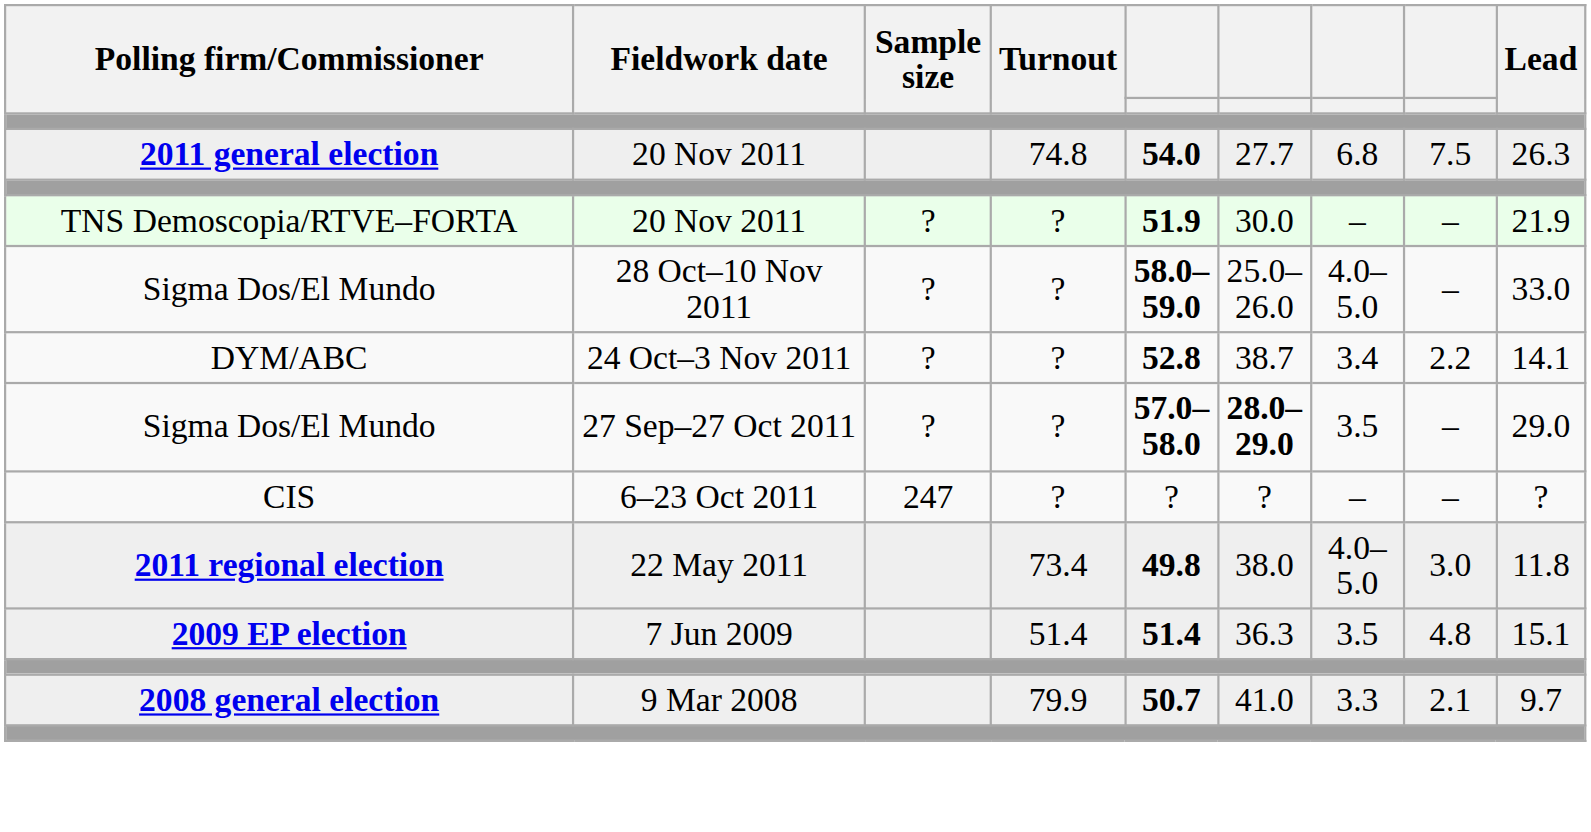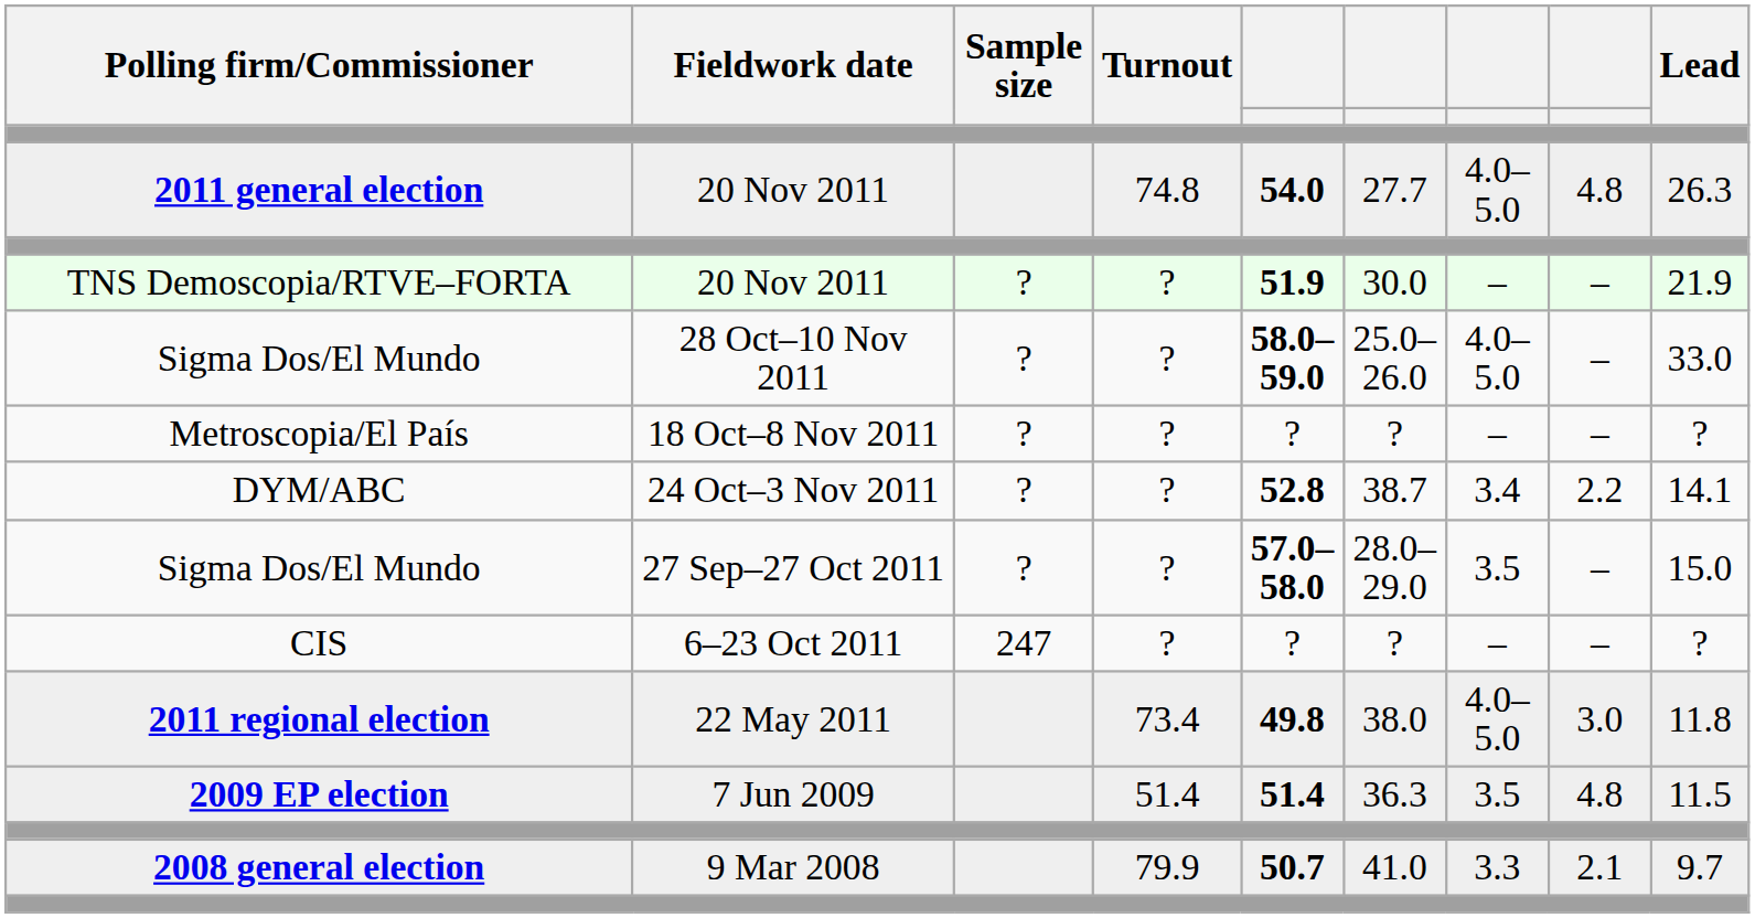 <table class="wikitable collapsible collapsed" style="text-align:center; font-size:95%; line-height:16px;">
 <tr style="height:42px;">
 <th style="width:250px;" rowspan="2">Polling firm/Commissioner</th>
 <th style="width:125px;" rowspan="2">Fieldwork date</th>
 <th style="width:50px;" rowspan="2">Sample size</th>
 <th style="width:45px;" rowspan="2">Turnout</th>
 <th style="width:35px;"></th>
 <th style="width:35px;"></th>
 <th style="width:35px;"></th>
 <th style="width:35px;"></th>
 <th style="width:30px;" rowspan="2">Lead</th>
 </tr>
 <tr>
 <th style="color:inherit;background:"></th>
 <th style="color:inherit;background:"></th>
 <th style="color:inherit;background:"></th>
 <th style="color:inherit;background:"></th>
 </tr>
 <tr>
 <td colspan="9" style="background:#A0A0A0"></td>
 </tr>
 <tr style="background:#EFEFEF;">
 <td><strong><a href='#'>2011 general election</a></strong></td>
 <td>20 Nov 2011</td>
 <td></td>
 <td>74.8</td>
 <td><strong>54.0</strong><br></td>
 <td>27.7<br></td>
-<td>6.8<br></td>
-<td>7.5<br></td>
+<td>4.0–<br>5.0<br></td>
+<td>4.8<br></td>
 <td style="background:">26.3</td>
 </tr>
 <tr>
 <td colspan="9" style="background:#A0A0A0"></td>
 </tr>
 <tr style="background:#EAFFEA;">
 <td>TNS Demoscopia/RTVE–FORTA</td>
 <td>20 Nov 2011</td>
 <td>?</td>
 <td>?</td>
 <td><strong>51.9</strong><br></td>
 <td>30.0<br></td>
 <td>–</td>
 <td>–</td>
 <td style="background:">21.9</td>
 </tr>
 <tr>
 <td>Sigma Dos/El Mundo</td>
 <td>28 Oct–10 Nov 2011</td>
 <td>?</td>
 <td>?</td>
 <td><strong>58.0–<br>59.0</strong><br></td>
 <td>25.0–<br>26.0<br></td>
 <td>4.0–<br>5.0<br></td>
 <td>–</td>
 <td style="background:">33.0</td>
 </tr>
 <tr>
+<td>Metroscopia/El País</td>
+<td>18 Oct–8 Nov 2011</td>
+<td>?</td>
+<td>?</td>
+<td>?<br></td>
+<td>?<br></td>
+<td>–</td>
+<td>–</td>
+<td style="background:">?</td>
+</tr>
+<tr>
 <td>DYM/ABC</td>
 <td>24 Oct–3 Nov 2011</td>
 <td>?</td>
 <td>?</td>
 <td><strong>52.8</strong><br></td>
 <td>38.7<br></td>
 <td>3.4<br></td>
 <td>2.2<br></td>
 <td style="background:">14.1</td>
 </tr>
 <tr>
 <td>Sigma Dos/El Mundo</td>
 <td>27 Sep–27 Oct 2011</td>
 <td>?</td>
 <td>?</td>
 <td><strong>57.0–<br>58.0</strong><br></td>
-<td><strong>28.0–<br>29.0<br></strong></td>
+<td>28.0–<br>29.0<br></td>
 <td>3.5<br></td>
 <td>–</td>
-<td style="background:">29.0</td>
+<td style="background:">15.0</td>
 </tr>
 <tr>
 <td>CIS</td>
 <td>6–23 Oct 2011</td>
 <td>247</td>
 <td>?</td>
 <td>?<br></td>
 <td>?<br></td>
 <td>–</td>
 <td>–</td>
 <td style="background:">?</td>
 </tr>
 <tr style="background:#EFEFEF;">
 <td><strong><a href='#'>2011 regional election</a></strong></td>
 <td>22 May 2011</td>
 <td></td>
 <td>73.4</td>
 <td><strong>49.8</strong><br></td>
 <td>38.0<br></td>
 <td>4.0–<br>5.0<br></td>
 <td>3.0<br></td>
 <td style="background:">11.8</td>
 </tr>
 <tr style="background:#EFEFEF;">
 <td><strong><a href='#'>2009 EP election</a></strong></td>
 <td>7 Jun 2009</td>
 <td></td>
 <td>51.4</td>
 <td><strong>51.4</strong><br></td>
 <td>36.3<br></td>
 <td>3.5<br></td>
 <td>4.8<br></td>
-<td style="background:">15.1</td>
+<td style="background:">11.5</td>
 </tr>
 <tr>
 <td colspan="9" style="background:#A0A0A0"></td>
 </tr>
 <tr style="background:#EFEFEF;">
 <td><strong><a href='#'>2008 general election</a></strong></td>
 <td>9 Mar 2008</td>
 <td></td>
 <td>79.9</td>
 <td><strong>50.7</strong><br></td>
 <td>41.0<br></td>
 <td>3.3<br></td>
 <td>2.1<br></td>
 <td style="background:">9.7</td>
 </tr>
 <tr>
 <td colspan="9" style="background:#A0A0A0"></td>
 </tr>
 </table>
